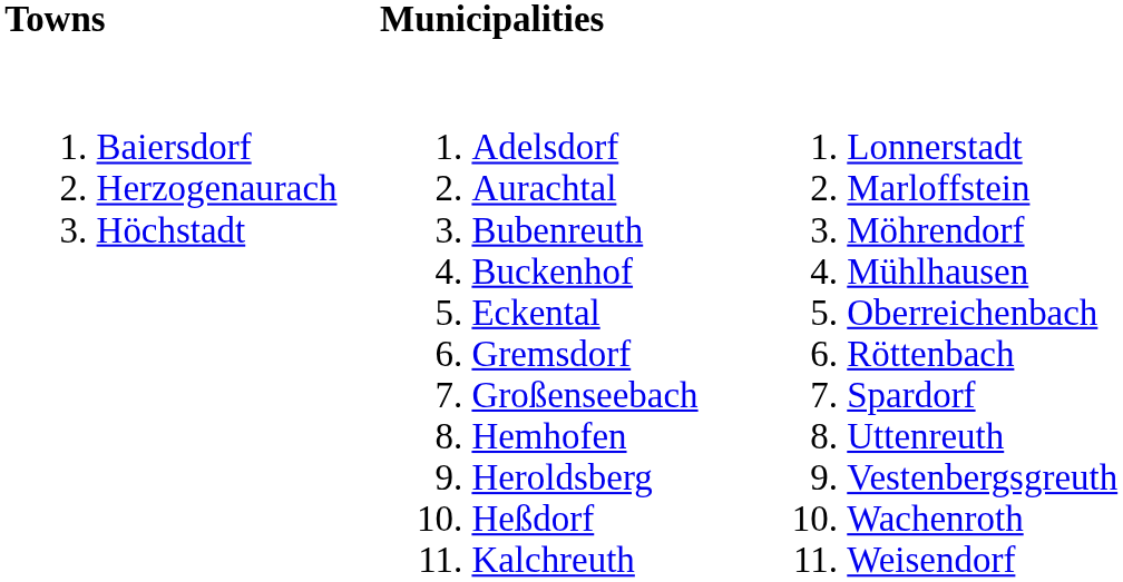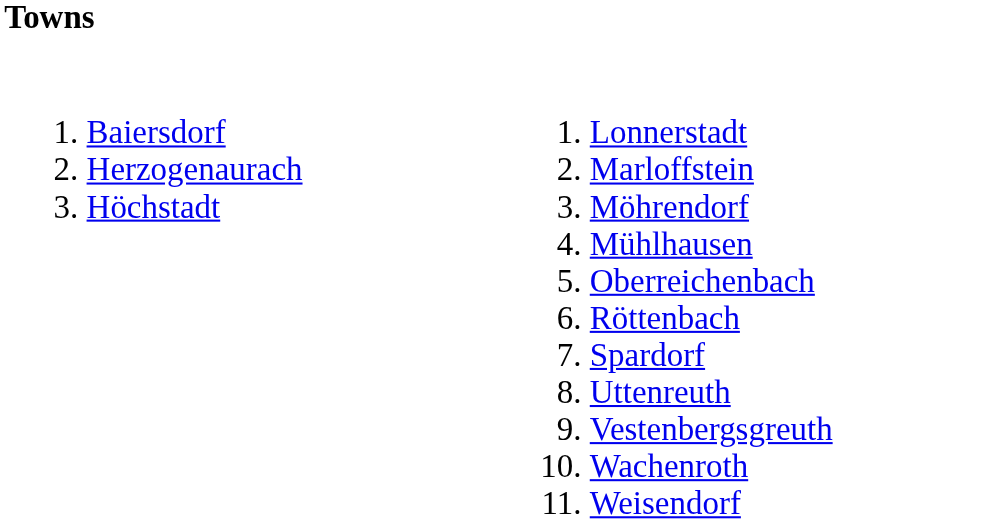 <table>
 <tr>
 <th align=left width=33%>Towns</th>
-<th align=left width=33%>Municipalities</th>
 <th align=left width=33%></th>
 </tr>
 <tr valign=top>
 <td><br><ol><li><a href='#'>Baiersdorf</a></li><li><a href='#'>Herzogenaurach</a></li><li><a href='#'>Höchstadt</a></li></ol></td>
-<td><br><ol><li><a href='#'>Adelsdorf</a></li><li><a href='#'>Aurachtal</a></li><li><a href='#'>Bubenreuth</a></li><li><a href='#'>Buckenhof</a></li><li><a href='#'>Eckental</a></li><li><a href='#'>Gremsdorf</a></li><li><a href='#'>Großenseebach</a></li><li><a href='#'>Hemhofen</a></li><li><a href='#'>Heroldsberg</a></li><li><a href='#'>Heßdorf</a></li><li><a href='#'>Kalchreuth</a></li></ol></td>
 <td><br><ol> <li> <a href='#'>Lonnerstadt</a> <li> <a href='#'>Marloffstein</a> <li> <a href='#'>Möhrendorf</a> <li> <a href='#'>Mühlhausen</a> <li> <a href='#'>Oberreichenbach</a> <li> <a href='#'>Röttenbach</a> <li> <a href='#'>Spardorf</a> <li> <a href='#'>Uttenreuth</a> <li> <a href='#'>Vestenbergsgreuth</a> <li> <a href='#'>Wachenroth</a> <li> <a href='#'>Weisendorf</a> </ol></td>
 </tr>
 </table>
